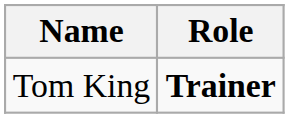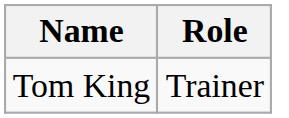 <table class="wikitable">
 <tr>
 <th>Name</th>
 <th>Role</th>
 </tr>
 <tr>
 <td> Tom King</td>
-<td><strong>Trainer</strong></td>
+<td>Trainer</td>
 </tr>
 </table>
